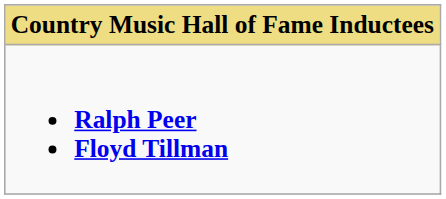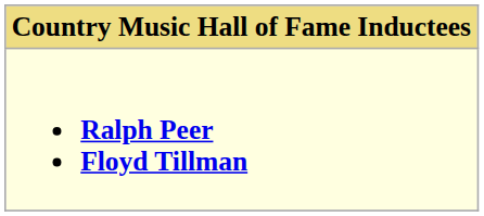 <table class="wikitable">
 <tr>
 <th style="background:#EEDD82; width=50%">Country Music Hall of Fame Inductees</th>
 </tr>
 <tr>
-<td valign="top"><br><ul><li><strong><a href='#'>Ralph Peer</a></strong></li><li><strong><a href='#'>Floyd Tillman</a></strong></li></ul></td>
+<td valign="top" style="background: lightyellow;"><br><ul><li><strong><a href='#'>Ralph Peer</a></strong></li><li><strong><a href='#'>Floyd Tillman</a></strong></li></ul></td>
 </tr>
 </table>
